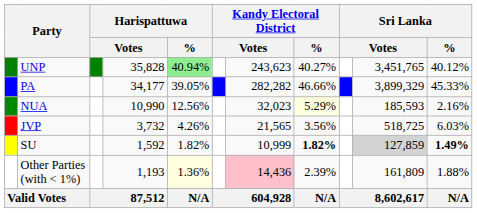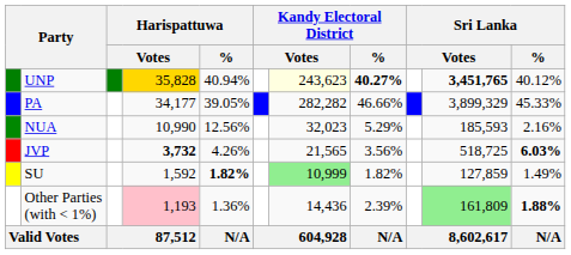 <table class="wikitable">
 <tr>
 <th colspan="2" width="144px"rowspan="2">Party</th>
 <th colspan="3" width="216px">Harispattuwa</th>
 <th colspan="3" width="216px"><a href='#'>Kandy Electoral District</a></th>
 <th colspan="3" width="216px">Sri Lanka</th>
 </tr>
 <tr>
 <th colspan="2" width="144px">Votes</th>
 <th>%</th>
 <th colspan="2" width="144px">Votes</th>
 <th>%</th>
 <th colspan="2" width="144px">Votes</th>
 <th>%</th>
 </tr>
 <tr>
 <td style="background-color:green;" width="10px"></td>
 <td style="text-align:left;"><a href='#'>UNP</a></td>
 <td style="background-color:green;" width="10px"></td>
-<td style="text-align:right;">35,828</td>
-<td style="background: lightgreen; text-align:right;">40.94%</td>
+<td style="background: gold; text-align:right;">35,828</td>
+<td style="text-align:right;">40.94%</td>
 <td style="background-color:white;" width="10px"></td>
-<td style="text-align:right;">243,623</td>
-<td style="text-align:right;">40.27%</td>
+<td style="background: lightyellow; text-align:right;">243,623</td>
+<td style="text-align:right;"><strong>40.27%</strong></td>
 <td style="background-color:white;" width="10px"></td>
-<td style="text-align:right;">3,451,765</td>
+<td style="text-align:right;"><strong>3,451,765</strong></td>
 <td style="text-align:right;">40.12%</td>
 </tr>
 <tr>
 <td style="background-color:blue;" width="10px"></td>
 <td style="text-align:left;"><a href='#'>PA</a></td>
 <td style="background-color:white;" width="10px"></td>
 <td style="text-align:right;">34,177</td>
 <td style="text-align:right;">39.05%</td>
 <td style="background-color:blue;" width="10px"></td>
 <td style="text-align:right;">282,282</td>
 <td style="text-align:right;">46.66%</td>
 <td style="background-color:blue;" width="10px"></td>
 <td style="text-align:right;">3,899,329</td>
 <td style="text-align:right;">45.33%</td>
 </tr>
 <tr>
 <td style="background-color:#008800;" width="10px"></td>
 <td style="text-align:left;"><a href='#'>NUA</a></td>
 <td style="background-color:white;" width="10px"></td>
 <td style="text-align:right;">10,990</td>
 <td style="text-align:right;">12.56%</td>
 <td style="background-color:white;" width="10px"></td>
 <td style="text-align:right;">32,023</td>
-<td style="background: lightyellow; text-align:right;">5.29%</td>
+<td style="text-align:right;">5.29%</td>
 <td style="background-color:white;" width="10px"></td>
 <td style="text-align:right;">185,593</td>
 <td style="text-align:right;">2.16%</td>
 </tr>
 <tr>
 <td style="background-color:red;" width="10px"></td>
 <td style="text-align:left;"><a href='#'>JVP</a></td>
 <td style="background-color:white;" width="10px"></td>
-<td style="text-align:right;">3,732</td>
+<td style="text-align:right;"><strong>3,732</strong></td>
 <td style="text-align:right;">4.26%</td>
 <td style="background-color:white;" width="10px"></td>
 <td style="text-align:right;">21,565</td>
 <td style="text-align:right;">3.56%</td>
 <td style="background-color:white;" width="10px"></td>
 <td style="text-align:right;">518,725</td>
-<td style="text-align:right;">6.03%</td>
+<td style="text-align:right;"><strong>6.03%</strong></td>
 </tr>
 <tr>
 <td style="background-color:yellow;" width="10px"></td>
 <td style="text-align:left;">SU</td>
 <td style="background-color:white;" width="10px"></td>
 <td style="text-align:right;">1,592</td>
+<td style="text-align:right;"><strong>1.82%</strong></td>
+<td style="background-color:white;" width="10px"></td>
+<td style="background: lightgreen; text-align:right;">10,999</td>
 <td style="text-align:right;">1.82%</td>
 <td style="background-color:white;" width="10px"></td>
-<td style="text-align:right;">10,999</td>
-<td style="text-align:right;"><strong>1.82%</strong></td>
-<td style="background-color:white;" width="10px"></td>
-<td style="background: lightgrey; text-align:right;">127,859</td>
-<td style="text-align:right;"><strong>1.49%</strong></td>
+<td style="text-align:right;">127,859</td>
+<td style="text-align:right;">1.49%</td>
 </tr>
 <tr>
 <td style="background-color:white;" width="10px"></td>
 <td style="text-align:left;">Other Parties (with < 1%)</td>
 <td style="background-color:white;" width="10px"></td>
-<td style="text-align:right;">1,193</td>
-<td style="background: lightyellow; text-align:right;">1.36%</td>
+<td style="background: pink; text-align:right;">1,193</td>
+<td style="text-align:right;">1.36%</td>
 <td style="background-color:white;" width="10px"></td>
-<td style="background: pink; text-align:right;">14,436</td>
+<td style="text-align:right;">14,436</td>
 <td style="text-align:right;">2.39%</td>
 <td style="background-color:white;" width="10px"></td>
-<td style="text-align:right;">161,809</td>
-<td style="text-align:right;">1.88%</td>
+<td style="background: lightgreen; text-align:right;">161,809</td>
+<td style="text-align:right;"><strong>1.88%</strong></td>
 </tr>
 <tr>
 <th colspan="2" width="144px"style="text-align:left;">Valid Votes</th>
 <th style="text-align:right;"colspan="2" width="144px">87,512</th>
 <th style="text-align:right;">N/A</th>
 <th style="text-align:right;"colspan="2" width="144px">604,928</th>
 <th style="text-align:right;">N/A</th>
 <th style="text-align:right;"colspan="2" width="144px">8,602,617</th>
 <th style="text-align:right;">N/A</th>
 </tr>
 </table>
